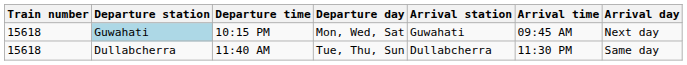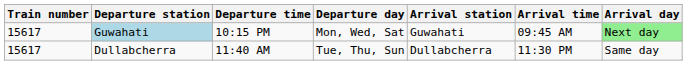 <table class="wikitable">
 <tr>
 <th>Train number</th>
 <th>Departure station</th>
 <th>Departure time</th>
 <th>Departure day</th>
 <th>Arrival station</th>
 <th>Arrival time</th>
 <th>Arrival day</th>
 </tr>
 <tr>
-<td>15618</td>
+<td>15617</td>
 <td style="background: lightblue;">Guwahati</td>
 <td>10:15 PM</td>
 <td>Mon, Wed, Sat</td>
 <td>Guwahati</td>
 <td>09:45 AM</td>
-<td>Next day</td>
+<td style="background: lightgreen;">Next day</td>
 </tr>
 <tr>
-<td>15618</td>
+<td>15617</td>
 <td>Dullabcherra</td>
 <td>11:40 AM</td>
 <td>Tue, Thu, Sun</td>
 <td>Dullabcherra</td>
 <td>11:30 PM</td>
 <td>Same day</td>
 </tr>
 </table>
